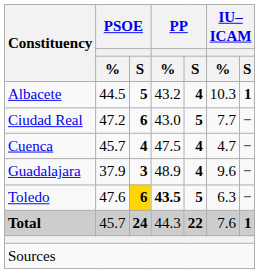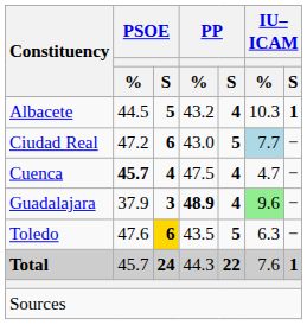 <table class="wikitable sortable" style="text-align:right; line-height:20px;">
 <tr>
 <th rowspan="3">Constituency</th>
 <th colspan="2" width="30px" class="unsortable"><a href='#'>PSOE</a></th>
 <th colspan="2" width="30px" class="unsortable"><a href='#'>PP</a></th>
 <th colspan="2" width="30px" class="unsortable"><a href='#'>IU–ICAM</a></th>
 </tr>
 <tr>
 <th colspan="2" style="background:"></th>
 <th colspan="2" style="background:"></th>
 <th colspan="2" style="background:"></th>
 </tr>
 <tr>
 <th data-sort-type="number">%</th>
 <th data-sort-type="number">S</th>
 <th data-sort-type="number">%</th>
 <th data-sort-type="number">S</th>
 <th data-sort-type="number">%</th>
 <th data-sort-type="number">S</th>
 </tr>
 <tr>
 <td align="left"><a href='#'>Albacete</a></td>
 <td style="background:">44.5</td>
 <td><strong>5</strong></td>
 <td>43.2</td>
 <td><strong>4</strong></td>
 <td>10.3</td>
 <td><strong>1</strong></td>
 </tr>
 <tr>
 <td align="left"><a href='#'>Ciudad Real</a></td>
 <td style="background:">47.2</td>
 <td><strong>6</strong></td>
 <td>43.0</td>
 <td><strong>5</strong></td>
-<td>7.7</td>
+<td style="background: lightblue;">7.7</td>
 <td>−</td>
 </tr>
 <tr>
 <td align="left"><a href='#'>Cuenca</a></td>
-<td>45.7</td>
+<td><strong>45.7</strong></td>
 <td><strong>4</strong></td>
 <td style="background:">47.5</td>
 <td><strong>4</strong></td>
 <td>4.7</td>
 <td>−</td>
 </tr>
 <tr>
 <td align="left"><a href='#'>Guadalajara</a></td>
 <td>37.9</td>
 <td><strong>3</strong></td>
-<td style="background:">48.9</td>
+<td style="background:"><strong>48.9</strong></td>
 <td><strong>4</strong></td>
-<td>9.6</td>
+<td style="background: lightgreen;">9.6</td>
 <td>−</td>
 </tr>
 <tr>
 <td align="left"><a href='#'>Toledo</a></td>
 <td style="background:">47.6</td>
 <td style="background: gold;"><strong>6</strong></td>
-<td><strong>43.5</strong></td>
+<td>43.5</td>
 <td><strong>5</strong></td>
 <td>6.3</td>
 <td>−</td>
 </tr>
 <tr style="background:#CDCDCD;">
 <td align="left"><strong>Total</strong></td>
 <td style="background:">45.7</td>
 <td><strong>24</strong></td>
 <td>44.3</td>
 <td><strong>22</strong></td>
 <td>7.6</td>
 <td><strong>1</strong></td>
 </tr>
 <tr>
 <th colspan="7"></th>
 </tr>
 <tr>
 <th style="text-align:left; font-weight:normal; background:#F9F9F9" colspan="7">Sources</th>
 </tr>
 </table>
